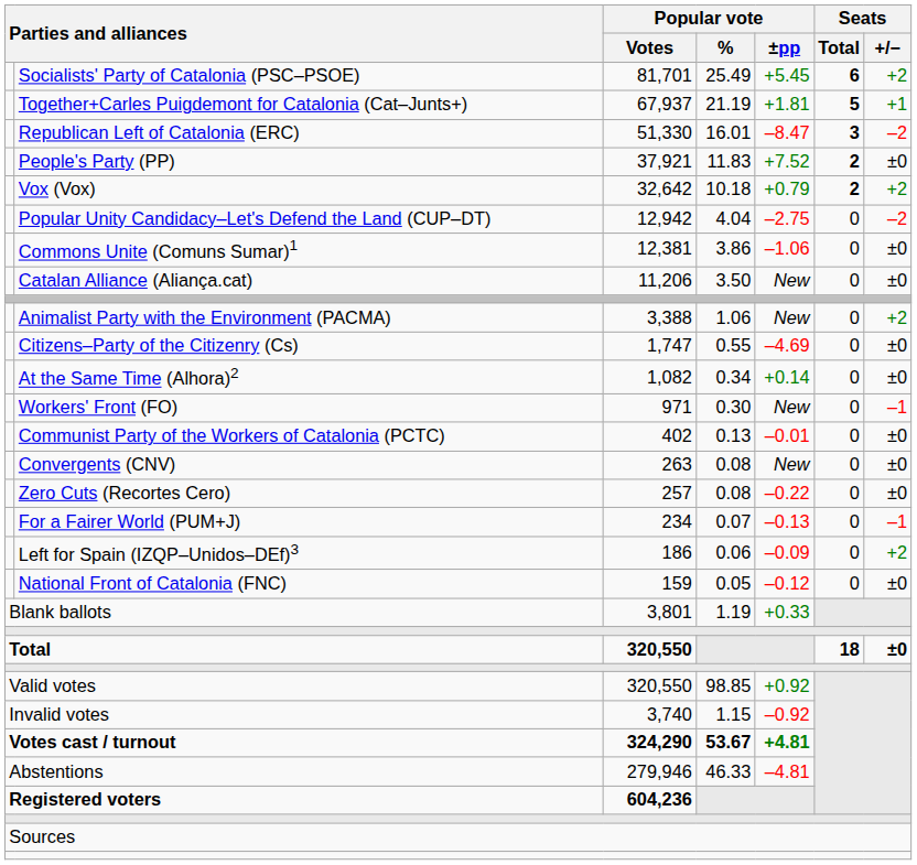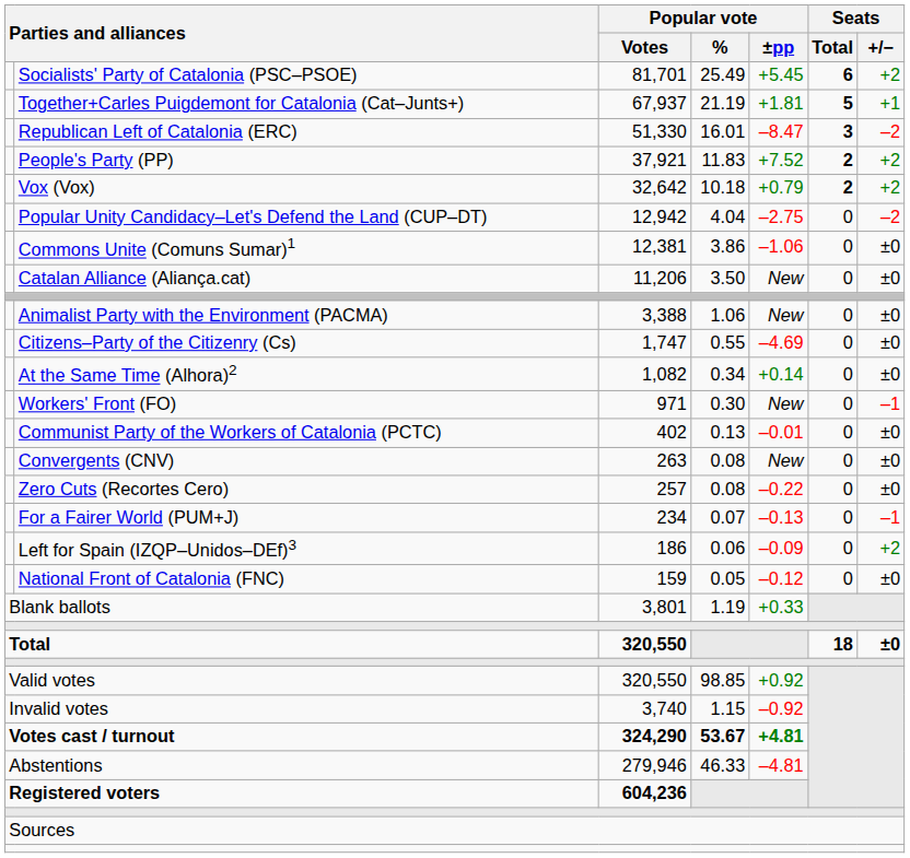 <table class="wikitable" style="text-align:right;">
 <tr>
 <th style="text-align:left;" rowspan="2" colspan="2" width="525">Parties and alliances</th>
 <th colspan="3">Popular vote</th>
 <th colspan="2">Seats</th>
 </tr>
 <tr>
 <th width="75">Votes</th>
 <th width="45">%</th>
 <th width="45">±<a href='#'>pp</a></th>
 <th width="35">Total</th>
 <th width="35">+/−</th>
 </tr>
 <tr>
 <td width="1" style="color:inherit;background:"></td>
 <td align="left"><a href='#'>Socialists' Party of Catalonia</a> (PSC–PSOE)</td>
 <td>81,701</td>
 <td>25.49</td>
 <td style="color:green;">+5.45</td>
 <td><strong>6</strong></td>
 <td style="color:green;">+2</td>
 </tr>
 <tr>
 <td style="color:inherit;background:"></td>
 <td align="left"><a href='#'>Together+Carles Puigdemont for Catalonia</a> (Cat–Junts+)</td>
 <td>67,937</td>
 <td>21.19</td>
 <td style="color:green;">+1.81</td>
 <td><strong>5</strong></td>
 <td style="color:green;">+1</td>
 </tr>
 <tr>
 <td style="color:inherit;background:"></td>
 <td align="left"><a href='#'>Republican Left of Catalonia</a> (ERC)</td>
 <td>51,330</td>
 <td>16.01</td>
 <td style="color:red;">–8.47</td>
 <td><strong>3</strong></td>
 <td style="color:red;">–2</td>
 </tr>
 <tr>
 <td style="color:inherit;background:"></td>
 <td align="left"><a href='#'>People's Party</a> (PP)</td>
 <td>37,921</td>
 <td>11.83</td>
 <td style="color:green;">+7.52</td>
 <td><strong>2</strong></td>
-<td>±0</td>
+<td style="color:green;">+2</td>
 </tr>
 <tr>
 <td style="color:inherit;background:"></td>
 <td align="left"><a href='#'>Vox</a> (Vox)</td>
 <td>32,642</td>
 <td>10.18</td>
 <td style="color:green;">+0.79</td>
 <td><strong>2</strong></td>
 <td style="color:green;">+2</td>
 </tr>
 <tr>
 <td style="color:inherit;background:"></td>
 <td align="left"><a href='#'>Popular Unity Candidacy–Let's Defend the Land</a> (CUP–DT)</td>
 <td>12,942</td>
 <td>4.04</td>
 <td style="color:red;">–2.75</td>
 <td>0</td>
 <td style="color:red;">–2</td>
 </tr>
 <tr>
 <td style="color:inherit;background:"></td>
 <td align="left"><a href='#'>Commons Unite</a> (Comuns Sumar)<sup>1</sup></td>
 <td>12,381</td>
 <td>3.86</td>
 <td style="color:red;">–1.06</td>
 <td>0</td>
 <td>±0</td>
 </tr>
 <tr>
 <td style="color:inherit;background:"></td>
 <td align="left"><a href='#'>Catalan Alliance</a> (Aliança.cat)</td>
 <td>11,206</td>
 <td>3.50</td>
 <td><em>New</em></td>
 <td>0</td>
 <td>±0</td>
 </tr>
 <tr>
 <td colspan="7" bgcolor="#C0C0C0"></td>
 </tr>
 <tr>
 <td style="color:inherit;background:"></td>
 <td align="left"><a href='#'>Animalist Party with the Environment</a> (PACMA)</td>
 <td>3,388</td>
 <td>1.06</td>
 <td><em>New</em></td>
 <td>0</td>
-<td style="color:green;">+2</td>
+<td>±0</td>
 </tr>
 <tr>
 <td style="color:inherit;background:"></td>
 <td align="left"><a href='#'>Citizens–Party of the Citizenry</a> (Cs)</td>
 <td>1,747</td>
 <td>0.55</td>
 <td style="color:red;">–4.69</td>
 <td>0</td>
 <td>±0</td>
 </tr>
 <tr>
 <td style="color:inherit;background:"></td>
 <td align="left"><a href='#'>At the Same Time</a> (Alhora)<sup>2</sup></td>
 <td>1,082</td>
 <td>0.34</td>
 <td style="color:green;">+0.14</td>
 <td>0</td>
 <td>±0</td>
 </tr>
 <tr>
 <td style="color:inherit;background:"></td>
 <td align="left"><a href='#'>Workers' Front</a> (FO)</td>
 <td>971</td>
 <td>0.30</td>
 <td><em>New</em></td>
 <td>0</td>
 <td style="color:red;">–1</td>
 </tr>
 <tr>
 <td style="color:inherit;background:"></td>
 <td align="left"><a href='#'>Communist Party of the Workers of Catalonia</a> (PCTC)</td>
 <td>402</td>
 <td>0.13</td>
 <td style="color:red;">–0.01</td>
 <td>0</td>
 <td>±0</td>
 </tr>
 <tr>
 <td style="color:inherit;background:"></td>
 <td align="left"><a href='#'>Convergents</a> (CNV)</td>
 <td>263</td>
 <td>0.08</td>
 <td><em>New</em></td>
 <td>0</td>
 <td>±0</td>
 </tr>
 <tr>
 <td style="color:inherit;background:"></td>
 <td align="left"><a href='#'>Zero Cuts</a> (Recortes Cero)</td>
 <td>257</td>
 <td>0.08</td>
 <td style="color:red;">–0.22</td>
 <td>0</td>
 <td>±0</td>
 </tr>
 <tr>
 <td style="color:inherit;background:"></td>
 <td align="left"><a href='#'>For a Fairer World</a> (PUM+J)</td>
 <td>234</td>
 <td>0.07</td>
 <td style="color:red;">–0.13</td>
 <td>0</td>
 <td style="color:red;">–1</td>
 </tr>
 <tr>
 <td style="color:inherit;background:"></td>
 <td align="left">Left for Spain (IZQP–Unidos–DEf)<sup>3</sup></td>
 <td>186</td>
 <td>0.06</td>
 <td style="color:red;">–0.09</td>
 <td>0</td>
 <td style="color:green;">+2</td>
 </tr>
 <tr>
 <td style="color:inherit;background:"></td>
 <td align="left"><a href='#'>National Front of Catalonia</a> (FNC)</td>
 <td>159</td>
 <td>0.05</td>
 <td style="color:red;">–0.12</td>
 <td>0</td>
 <td>±0</td>
 </tr>
 <tr>
 <td align="left" colspan="2">Blank ballots</td>
 <td>3,801</td>
 <td>1.19</td>
 <td style="color:green;">+0.33</td>
 <td bgcolor="#E9E9E9" colspan="2"></td>
 </tr>
 <tr>
 <td colspan="7" bgcolor="#E9E9E9"></td>
 </tr>
 <tr style="font-weight:bold;">
 <td align="left" colspan="2">Total</td>
 <td>320,550</td>
 <td bgcolor="#E9E9E9" colspan="2"></td>
 <td>18</td>
 <td>±0</td>
 </tr>
 <tr>
 <td colspan="7" bgcolor="#E9E9E9"></td>
 </tr>
 <tr>
 <td align="left" colspan="2">Valid votes</td>
 <td>320,550</td>
 <td>98.85</td>
 <td style="color:green;">+0.92</td>
 <td bgcolor="#E9E9E9" colspan="2" rowspan="5"></td>
 </tr>
 <tr>
 <td align="left" colspan="2">Invalid votes</td>
 <td>3,740</td>
 <td>1.15</td>
 <td style="color:red;">–0.92</td>
 </tr>
 <tr style="font-weight:bold;">
 <td align="left" colspan="2">Votes cast / turnout</td>
 <td>324,290</td>
 <td>53.67</td>
 <td style="color:green;">+4.81</td>
 </tr>
 <tr>
 <td align="left" colspan="2">Abstentions</td>
 <td>279,946</td>
 <td>46.33</td>
 <td style="color:red;">–4.81</td>
 </tr>
 <tr style="font-weight:bold;">
 <td align="left" colspan="2">Registered voters</td>
 <td>604,236</td>
 <td bgcolor="#E9E9E9" colspan="2"></td>
 </tr>
 <tr>
 <td colspan="7" bgcolor="#E9E9E9"></td>
 </tr>
 <tr>
 <td align="left" colspan="7">Sources</td>
 </tr>
 <tr>
 <td colspan="7" style="text-align:left; max-width:790px;"></td>
 </tr>
 </table>
